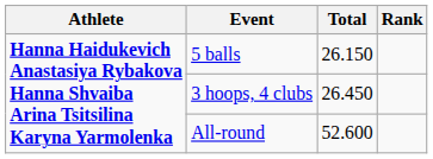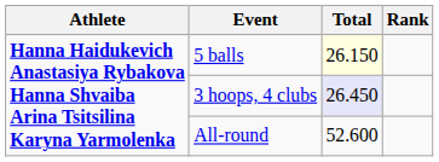 <table class="wikitable" style="text-align:center; font-size:90%">
 <tr style="font-size:95%">
 <th>Athlete</th>
 <th>Event</th>
 <th>Total</th>
 <th>Rank</th>
 </tr>
 <tr>
 <td rowspan=3 align="left"><strong><a href='#'>Hanna Haidukevich</a><br><a href='#'>Anastasiya Rybakova</a><br><a href='#'>Hanna Shvaiba</a><br><a href='#'>Arina Tsitsilina</a><br><a href='#'>Karyna Yarmolenka</a></strong></td>
 <td align=left><a href='#'>5 balls</a></td>
-<td>26.150</td>
+<td style="background: lightyellow;">26.150</td>
 <td></td>
 </tr>
 <tr>
 <td align=left><a href='#'>3 hoops, 4 clubs</a></td>
-<td>26.450</td>
+<td style="background: lavender;">26.450</td>
 <td></td>
 </tr>
 <tr>
 <td align=left><a href='#'>All-round</a></td>
 <td>52.600</td>
 <td></td>
 </tr>
 </table>
